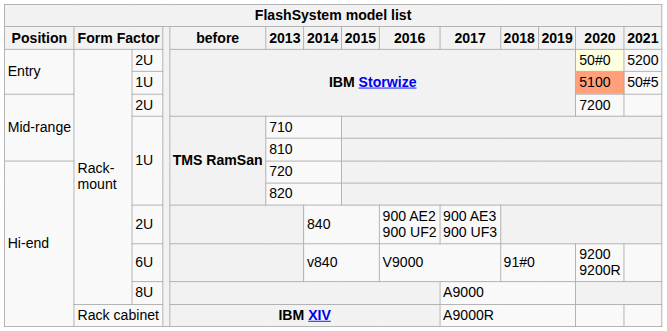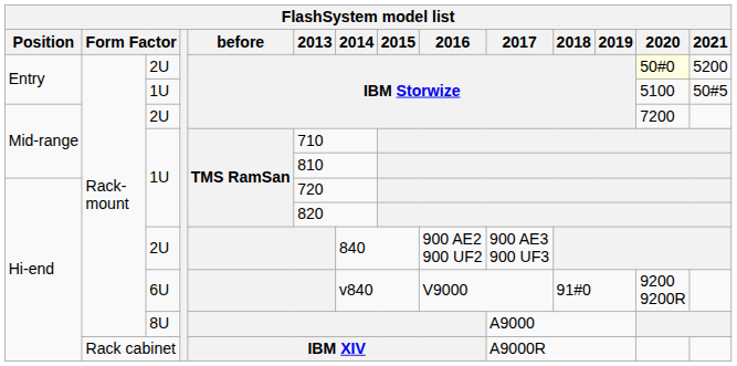 <table class="wikitable mw-collapsible">
 <tr>
 <th colspan="14">FlashSystem model list</th>
 </tr>
 <tr>
 <th>Position</th>
 <th colspan="2">Form Factor</th>
 <th rowspan="12"></th>
 <th>before</th>
 <th>2013</th>
 <th>2014</th>
 <th>2015</th>
 <th>2016</th>
 <th>2017</th>
 <th>2018</th>
 <th>2019</th>
 <th>2020</th>
 <th>2021</th>
 </tr>
 <tr>
 <td rowspan="2">Entry</td>
 <td rowspan="10">Rack-<br>mount</td>
 <td>2U</td>
 <th colspan="8" rowspan="3">IBM <a href='#'>Storwize</a></th>
 <td style="background: lightyellow;">50#0</td>
 <td>5200</td>
 </tr>
 <tr>
 <td>1U</td>
-<td style="background: lightsalmon;">5100</td>
+<td>5100</td>
 <td>50#5</td>
 </tr>
 <tr>
 <td rowspan="3">Mid-range</td>
 <td>2U</td>
 <td>7200</td>
 <td></td>
 </tr>
 <tr>
 <td rowspan="4">1U</td>
 <th rowspan="4">TMS RamSan</th>
 <td colspan="2">710</td>
 <th colspan="7"></th>
 </tr>
 <tr>
 <td colspan="2">810</td>
 <th colspan="7"></th>
 </tr>
 <tr>
 <td rowspan="6">Hi-end</td>
 <td colspan="2">720</td>
 <th colspan="7"></th>
 </tr>
 <tr>
 <td colspan="2">820</td>
 <th colspan="7"></th>
 </tr>
 <tr>
 <td>2U</td>
 <th colspan="2"></th>
 <td colspan="2">840</td>
 <td>900 AE2<br>900 UF2</td>
 <td>900 AE3<br>900 UF3</td>
 <th colspan="4"></th>
 </tr>
 <tr>
 <td>6U</td>
 <th colspan="2"></th>
 <td colspan="2">v840</td>
 <td colspan="2">V9000</td>
 <td colspan="2">91#0</td>
 <td>9200<br>9200R</td>
 <td></td>
 </tr>
 <tr>
 <td>8U</td>
 <th colspan="5"></th>
 <td colspan="3">A9000</td>
 <th colspan="2"></th>
 </tr>
 <tr>
 <td colspan="2">Rack cabinet</td>
 <th colspan="5">IBM <a href='#'>XIV</a></th>
 <td colspan="3">A9000R</td>
 <td></td>
 <td></td>
 </tr>
 </table>
